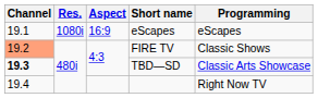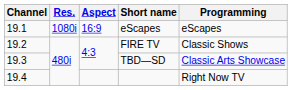 <table class="wikitable">
 <tr>
 <th scope = "col">Channel</th>
 <th scope = "col"><a href='#'>Res.</a></th>
 <th scope = "col"><a href='#'>Aspect</a></th>
 <th scope = "col">Short name</th>
 <th scope = "col">Programming</th>
 </tr>
 <tr>
 <td>19.1</td>
 <td><a href='#'>1080i</a></td>
 <td><a href='#'>16:9</a></td>
 <td>eScapes</td>
 <td>eScapes</td>
 </tr>
 <tr>
-<td style="background: lightsalmon;">19.2</td>
+<td>19.2</td>
 <td rowspan=3><a href='#'>480i</a></td>
 <td rowspan=2><a href='#'>4:3</a></td>
 <td>FIRE TV</td>
 <td>Classic Shows</td>
 </tr>
 <tr>
-<td><strong>19.3</strong></td>
+<td>19.3</td>
 <td>TBD—SD</td>
 <td><a href='#'>Classic Arts Showcase</a></td>
 </tr>
 <tr>
 <td>19.4</td>
 <td></td>
 <td></td>
 <td>Right Now TV</td>
 </tr>
 </table>
